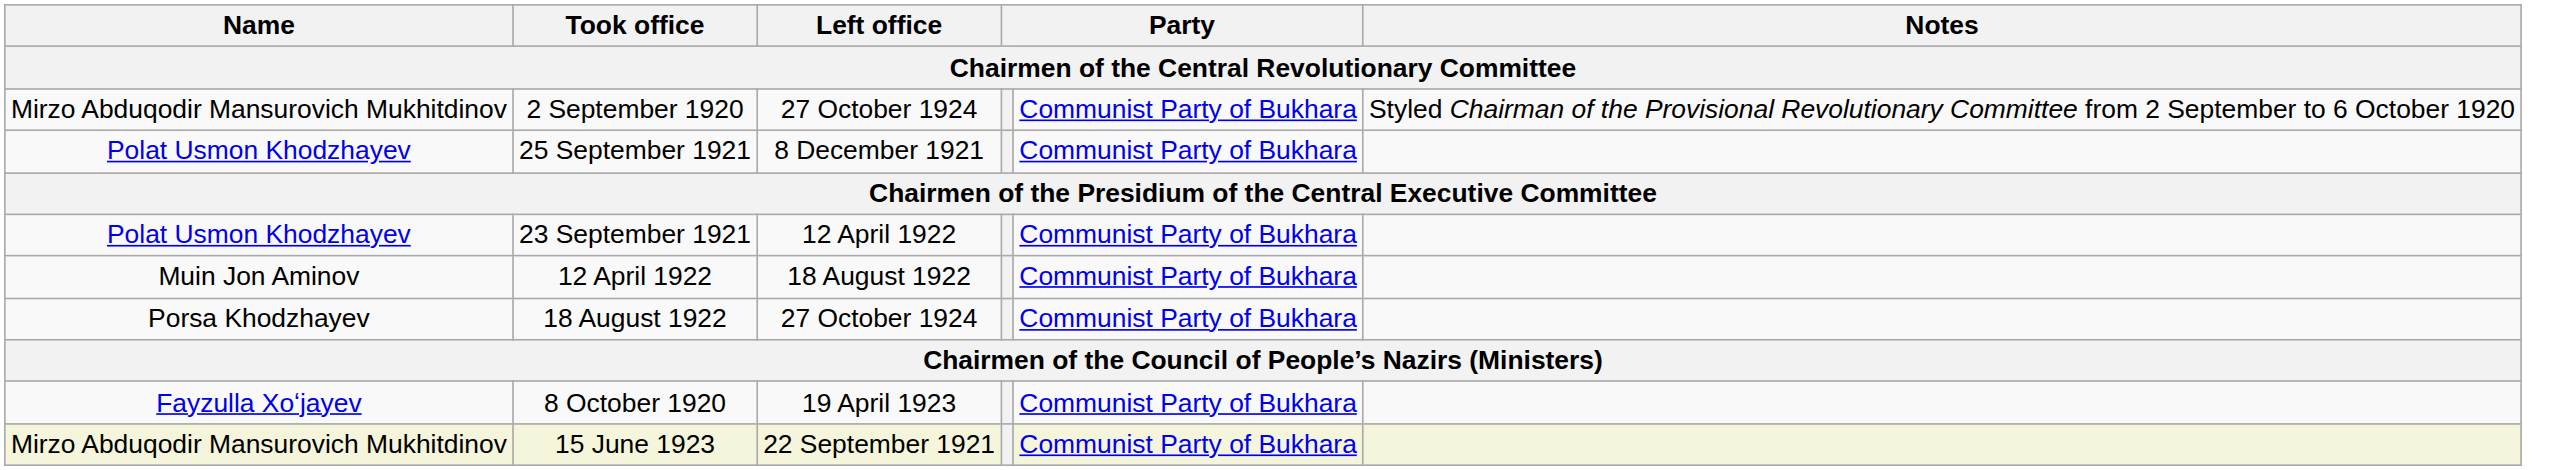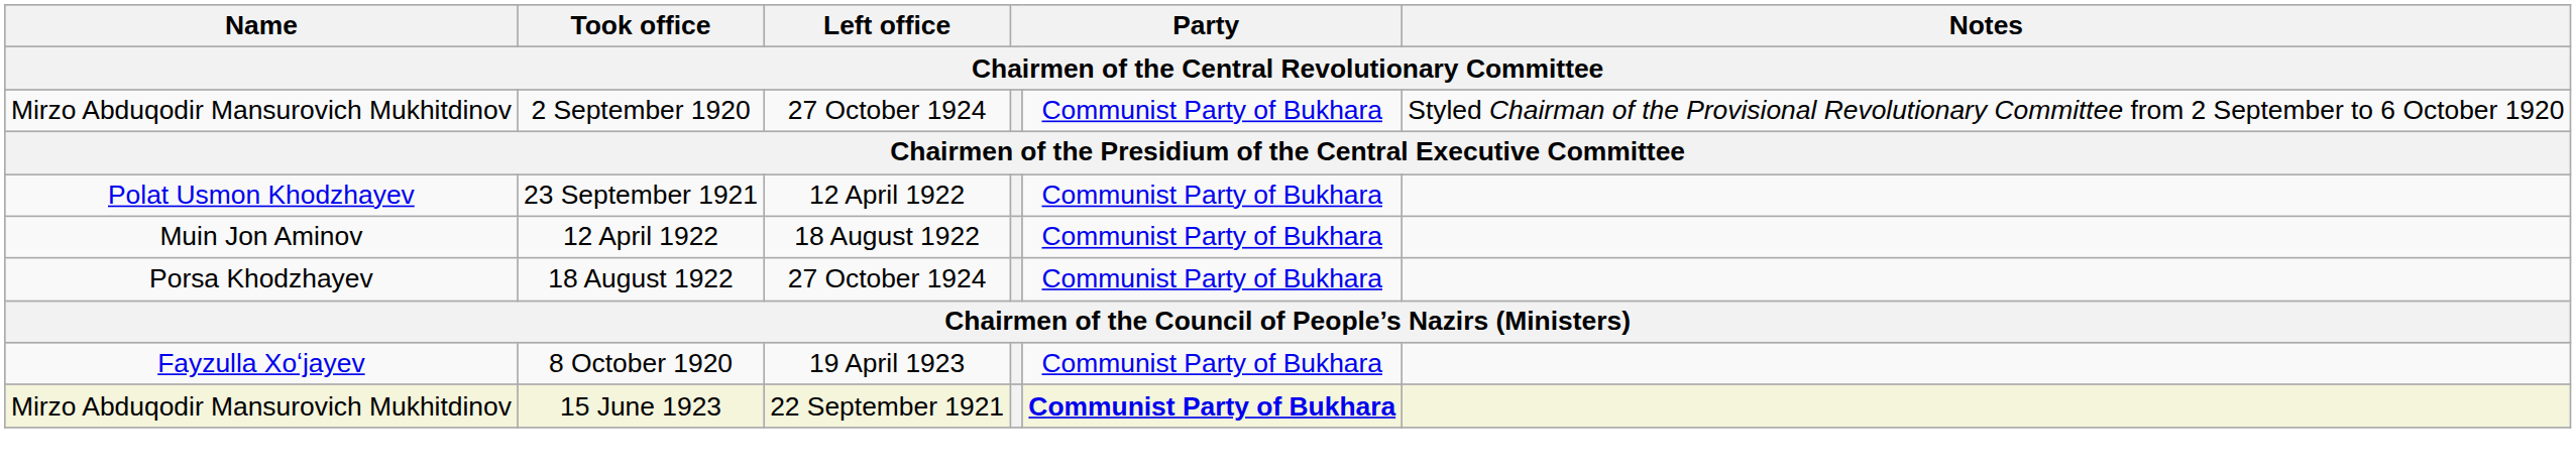 <table class="wikitable" style="text-align:center;">
 <tr>
 <th>Name</th>
 <th>Took office</th>
 <th>Left office</th>
 <th colspan=2>Party</th>
 <th>Notes</th>
 </tr>
 <tr>
 <th colspan=6>Chairmen of the Central Revolutionary Committee</th>
 </tr>
 <tr>
 <td>Mirzo Abduqodir Mansurovich Mukhitdinov</td>
 <td>2 September 1920</td>
 <td>27 October 1924</td>
 <th style="background:"></th>
 <td><a href='#'>Communist Party of Bukhara</a></td>
 <td>Styled <em>Chairman of the Provisional Revolutionary Committee</em> from 2 September to 6 October 1920</td>
-</tr>
-<tr>
-<td><a href='#'>Polat Usmon Khodzhayev</a></td>
-<td>25 September 1921</td>
-<td>8 December 1921</td>
-<th style="background:"></th>
-<td><a href='#'>Communist Party of Bukhara</a></td>
-<td></td>
 </tr>
 <tr>
 <th colspan=6>Chairmen of the Presidium of the Central Executive Committee</th>
 </tr>
 <tr>
 <td><a href='#'>Polat Usmon Khodzhayev</a></td>
 <td>23 September 1921</td>
 <td>12 April 1922</td>
 <th style="background:"></th>
 <td><a href='#'>Communist Party of Bukhara</a></td>
 <td></td>
 </tr>
 <tr>
 <td>Muin Jon Aminov</td>
 <td>12 April 1922</td>
 <td>18 August 1922</td>
 <th style="background:"></th>
 <td><a href='#'>Communist Party of Bukhara</a></td>
 <td></td>
 </tr>
 <tr>
 <td>Porsa Khodzhayev</td>
 <td>18 August 1922</td>
 <td>27 October 1924</td>
 <th style="background:"></th>
 <td><a href='#'>Communist Party of Bukhara</a></td>
 <td></td>
 </tr>
 <tr>
 <th colspan=6>Chairmen of the Council of People’s Nazirs (Ministers)</th>
 </tr>
 <tr>
 <td><a href='#'>Fayzulla Xoʻjayev</a></td>
 <td>8 October 1920</td>
 <td>19 April 1923</td>
 <th style="background:"></th>
 <td><a href='#'>Communist Party of Bukhara</a></td>
 <td></td>
 </tr>
 <tr style="background:#F5F5DC;">
 <td>Mirzo Abduqodir Mansurovich Mukhitdinov</td>
 <td>15 June 1923</td>
 <td>22 September 1921</td>
 <th style="background:"></th>
-<td><a href='#'>Communist Party of Bukhara</a></td>
+<td><strong><a href='#'>Communist Party of Bukhara</a></strong></td>
 <td></td>
 </tr>
 </table>
